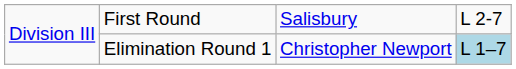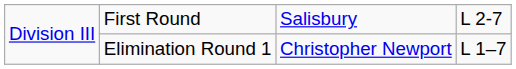 <table class="wikitable">
 <tr>
 <td rowspan="2"><a href='#'>Division III</a></td>
 <td>First Round</td>
 <td><a href='#'>Salisbury</a></td>
 <td>L 2-7</td>
 </tr>
 <tr>
 <td>Elimination Round 1</td>
 <td><a href='#'>Christopher Newport</a></td>
-<td style="background: lightblue;">L 1–7</td>
+<td>L 1–7</td>
 </tr>
 </table>
